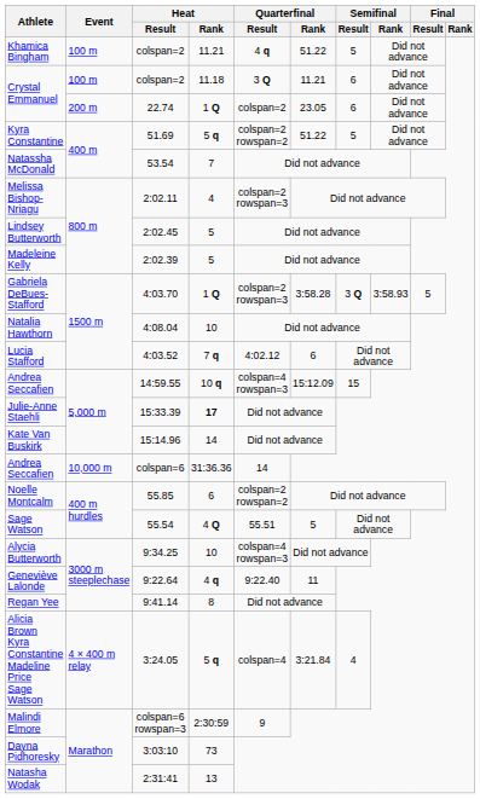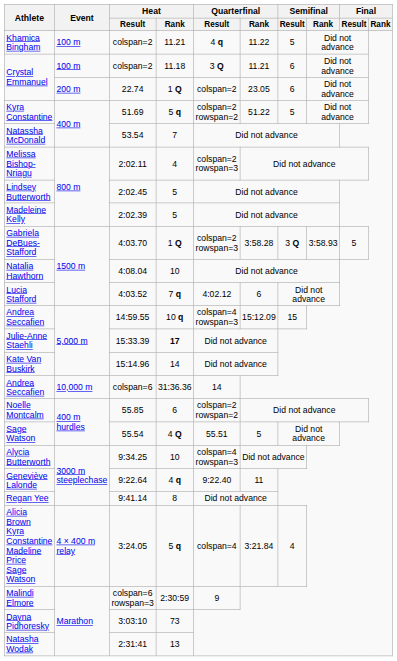 <table class=wikitable style=font-size:90%;text-align:center>
 <tr>
 <th rowspan=2>Athlete</th>
 <th rowspan=2>Event</th>
 <th colspan=2>Heat</th>
 <th colspan=2>Quarterfinal</th>
 <th colspan=2>Semifinal</th>
 <th colspan=2>Final</th>
 </tr>
 <tr style=font-size:95%>
 <th>Result</th>
 <th>Rank</th>
 <th>Result</th>
 <th>Rank</th>
 <th>Result</th>
 <th>Rank</th>
 <th>Result</th>
 <th>Rank</th>
 </tr>
 <tr>
 <td align=left><a href='#'>Khamica Bingham</a></td>
 <td align=left><a href='#'>100 m</a></td>
 <td>colspan=2 </td>
 <td>11.21</td>
 <td>4 <strong>q</strong></td>
-<td>51.22</td>
+<td>11.22</td>
 <td>5</td>
 <td colspan="2">Did not advance</td>
 </tr>
 <tr>
 <td align=left rowspan=2><a href='#'>Crystal Emmanuel</a></td>
 <td align=left><a href='#'>100 m</a></td>
 <td>colspan=2 </td>
 <td>11.18</td>
 <td>3 <strong>Q</strong></td>
 <td>11.21</td>
 <td>6</td>
 <td colspan="2">Did not advance</td>
 </tr>
 <tr>
 <td align=left><a href='#'>200 m</a></td>
 <td>22.74</td>
 <td>1 <strong>Q</strong></td>
 <td>colspan=2 </td>
 <td>23.05</td>
 <td>6</td>
 <td colspan="2">Did not advance</td>
 </tr>
 <tr>
 <td align=left><a href='#'>Kyra Constantine</a></td>
 <td align=left rowspan=2><a href='#'>400 m</a></td>
 <td>51.69</td>
 <td>5 <strong>q</strong></td>
 <td>colspan=2 rowspan=2 </td>
 <td>51.22</td>
 <td>5</td>
 <td colspan=2>Did not advance</td>
 </tr>
 <tr>
 <td align=left><a href='#'>Natassha McDonald</a></td>
 <td>53.54</td>
 <td>7</td>
 <td colspan=4>Did not advance</td>
 </tr>
 <tr>
 <td align=left><a href='#'>Melissa Bishop-Nriagu</a></td>
 <td align=left rowspan=3><a href='#'>800 m</a></td>
 <td>2:02.11</td>
 <td>4</td>
 <td>colspan=2 rowspan=3 </td>
 <td colspan="4">Did not advance</td>
 </tr>
 <tr>
 <td align=left><a href='#'>Lindsey Butterworth</a></td>
 <td>2:02.45</td>
 <td>5</td>
 <td colspan="4">Did not advance</td>
 </tr>
 <tr>
 <td align=left><a href='#'>Madeleine Kelly</a></td>
 <td>2:02.39</td>
 <td>5</td>
 <td colspan="4">Did not advance</td>
 </tr>
 <tr>
 <td align=left><a href='#'>Gabriela DeBues-Stafford</a></td>
 <td align=left rowspan=3><a href='#'>1500 m</a></td>
 <td>4:03.70</td>
 <td>1 <strong>Q</strong></td>
 <td>colspan=2 rowspan=3 </td>
 <td>3:58.28</td>
 <td>3 <strong>Q</strong></td>
 <td>3:58.93</td>
 <td>5</td>
 </tr>
 <tr>
 <td align=left><a href='#'>Natalia Hawthorn</a></td>
 <td>4:08.04</td>
 <td>10</td>
 <td colspan=4>Did not advance</td>
 </tr>
 <tr>
 <td align=left><a href='#'>Lucia Stafford</a></td>
 <td>4:03.52</td>
 <td>7 <strong>q</strong></td>
 <td>4:02.12</td>
 <td>6</td>
 <td colspan=2>Did not advance</td>
 </tr>
 <tr>
 <td align=left><a href='#'>Andrea Seccafien</a></td>
 <td align=left rowspan=3><a href='#'>5,000 m</a></td>
 <td>14:59.55</td>
 <td>10 <strong>q</strong></td>
 <td>colspan=4 rowspan=3 </td>
 <td>15:12.09</td>
 <td>15</td>
 </tr>
 <tr>
 <td align=left><a href='#'>Julie-Anne Staehli</a></td>
 <td>15:33.39</td>
 <td><strong>17</strong></td>
 <td colspan="2">Did not advance</td>
 </tr>
 <tr>
 <td align=left><a href='#'>Kate Van Buskirk</a></td>
 <td>15:14.96</td>
 <td>14</td>
 <td colspan="2">Did not advance</td>
 </tr>
 <tr>
 <td align=left><a href='#'>Andrea Seccafien</a></td>
 <td align=left><a href='#'>10,000 m</a></td>
 <td>colspan=6 </td>
 <td>31:36.36</td>
 <td>14</td>
 </tr>
 <tr>
 <td align=left><a href='#'>Noelle Montcalm</a></td>
 <td align=left rowspan=2><a href='#'>400 m hurdles</a></td>
 <td>55.85</td>
 <td>6</td>
 <td>colspan=2 rowspan=2 </td>
 <td colspan="4">Did not advance</td>
 </tr>
 <tr>
 <td align=left><a href='#'>Sage Watson</a></td>
 <td>55.54</td>
 <td>4 <strong>Q</strong></td>
 <td>55.51</td>
 <td>5</td>
 <td colspan="2">Did not advance</td>
 </tr>
 <tr>
 <td align=left><a href='#'>Alycia Butterworth</a></td>
 <td align=left rowspan=3><a href='#'>3000 m steeplechase</a></td>
 <td>9:34.25</td>
 <td>10</td>
 <td>colspan=4 rowspan=3 </td>
 <td colspan="2">Did not advance</td>
 </tr>
 <tr>
 <td align=left><a href='#'>Geneviève Lalonde</a></td>
 <td>9:22.64 <strong></strong></td>
 <td>4 <strong>q</strong></td>
 <td>9:22.40 <strong></strong></td>
 <td>11</td>
 </tr>
 <tr>
 <td align=left><a href='#'>Regan Yee</a></td>
 <td>9:41.14</td>
 <td>8</td>
 <td colspan="2">Did not advance</td>
 </tr>
 <tr>
 <td align=left><a href='#'>Alicia Brown</a><br><a href='#'>Kyra Constantine</a><br><a href='#'>Madeline Price</a><br><a href='#'>Sage Watson</a></td>
 <td align=left><a href='#'>4 × 400 m relay</a></td>
 <td>3:24.05 <strong></strong></td>
 <td>5 <strong>q</strong></td>
 <td>colspan=4 </td>
 <td>3:21.84 <strong></strong></td>
 <td>4</td>
 </tr>
 <tr>
 <td align=left><a href='#'>Malindi Elmore</a></td>
 <td align=left rowspan=3><a href='#'>Marathon</a></td>
 <td>colspan=6 rowspan=3 </td>
 <td>2:30:59 <strong></strong></td>
 <td>9</td>
 </tr>
 <tr>
 <td align=left><a href='#'>Dayna Pidhoresky</a></td>
 <td>3:03:10 <strong></strong></td>
 <td>73</td>
 </tr>
 <tr>
 <td align=left><a href='#'>Natasha Wodak</a></td>
 <td>2:31:41 <strong></strong></td>
 <td>13</td>
 </tr>
 </table>
